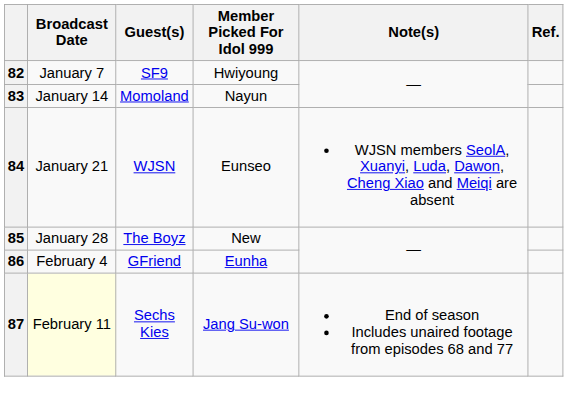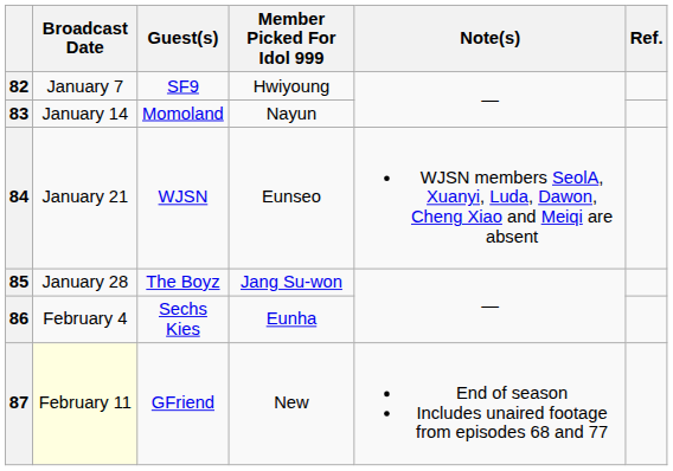 <table class="wikitable" style="text-align:center;">
 <tr>
 <th></th>
 <th>Broadcast Date</th>
 <th>Guest(s)</th>
 <th>Member Picked For Idol 999</th>
 <th>Note(s)</th>
 <th>Ref.</th>
 </tr>
 <tr>
 <th>82</th>
 <td>January 7</td>
 <td><a href='#'>SF9</a></td>
 <td>Hwiyoung</td>
 <td rowspan="2">—</td>
 <td></td>
 </tr>
 <tr>
 <th>83</th>
 <td>January 14</td>
 <td><a href='#'>Momoland</a></td>
 <td>Nayun</td>
 <td></td>
 </tr>
 <tr>
 <th>84</th>
 <td>January 21</td>
 <td><a href='#'>WJSN</a></td>
 <td>Eunseo</td>
 <td><br><ul><li>WJSN members <a href='#'>SeolA</a>, <a href='#'>Xuanyi</a>, <a href='#'>Luda</a>, <a href='#'>Dawon</a>, <a href='#'>Cheng Xiao</a> and <a href='#'>Meiqi</a> are absent</li></ul></td>
 <td></td>
 </tr>
 <tr>
 <th>85</th>
 <td>January 28</td>
 <td><a href='#'>The Boyz</a></td>
-<td>New</td>
+<td><a href='#'>Jang Su-won</a></td>
 <td rowspan="2">—</td>
 <td></td>
 </tr>
 <tr>
 <th>86</th>
 <td>February 4</td>
-<td><a href='#'>GFriend</a></td>
+<td><a href='#'>Sechs Kies</a></td>
 <td><a href='#'>Eunha</a></td>
 <td></td>
 </tr>
 <tr>
 <th>87</th>
 <td style="background: lightyellow;">February 11</td>
-<td><a href='#'>Sechs Kies</a></td>
-<td><a href='#'>Jang Su-won</a></td>
+<td><a href='#'>GFriend</a></td>
+<td>New</td>
 <td><br><ul><li>End of season</li><li>Includes unaired footage from episodes 68 and 77</li></ul></td>
 <td></td>
 </tr>
 </table>
